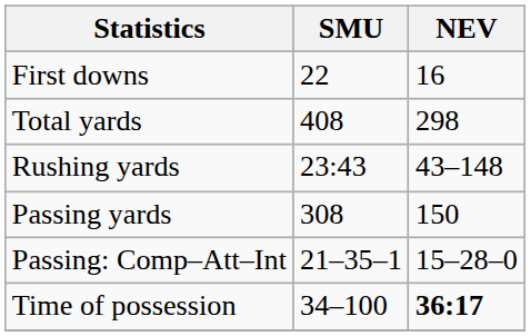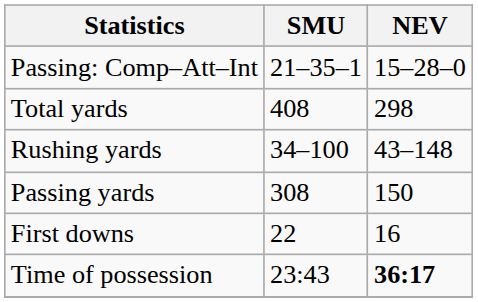 <table class="wikitable" style="float: left;">
 <tr>
 <th>Statistics</th>
 <th>SMU</th>
 <th>NEV</th>
 </tr>
 <tr>
-<td>First downs</td>
-<td>22</td>
-<td>16</td>
+<td>Passing: Comp–Att–Int</td>
+<td>21–35–1</td>
+<td>15–28–0</td>
 </tr>
 <tr>
 <td>Total yards</td>
 <td>408</td>
 <td>298</td>
 </tr>
 <tr>
 <td>Rushing yards</td>
-<td>23:43</td>
+<td>34–100</td>
 <td>43–148</td>
 </tr>
 <tr>
 <td>Passing yards</td>
 <td>308</td>
 <td>150</td>
 </tr>
 <tr>
-<td>Passing: Comp–Att–Int</td>
-<td>21–35–1</td>
-<td>15–28–0</td>
+<td>First downs</td>
+<td>22</td>
+<td>16</td>
 </tr>
 <tr>
 <td>Time of possession</td>
-<td>34–100</td>
+<td>23:43</td>
 <td><strong>36:17</strong></td>
 </tr>
 <tr>
 </tr>
 </table>
